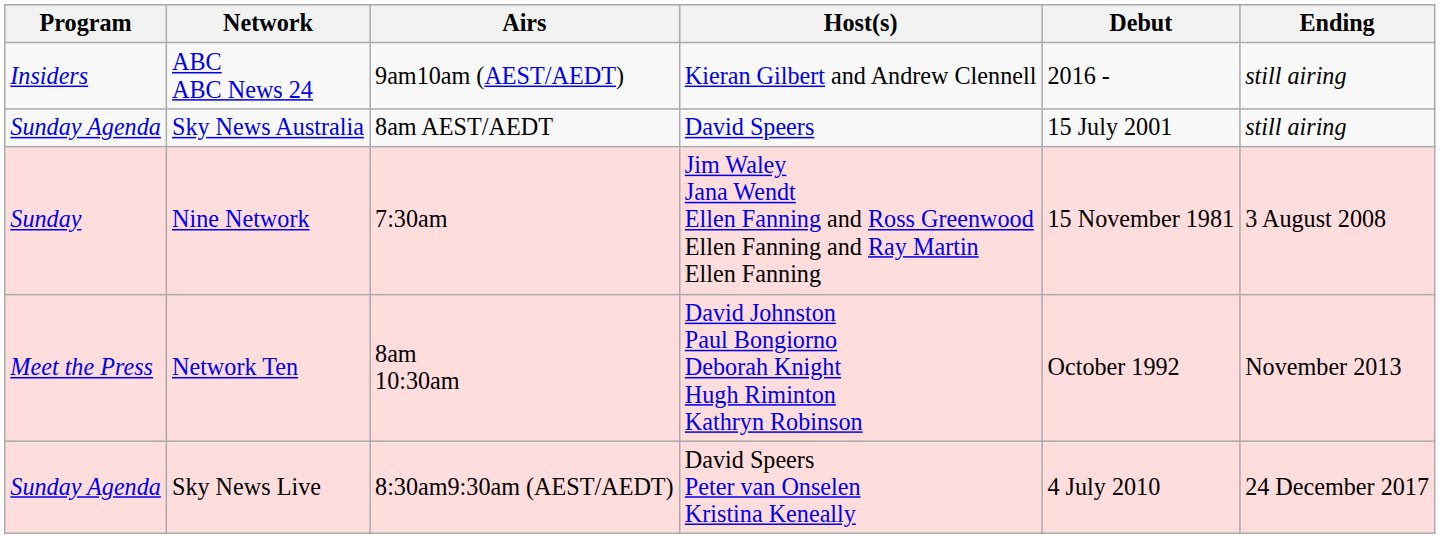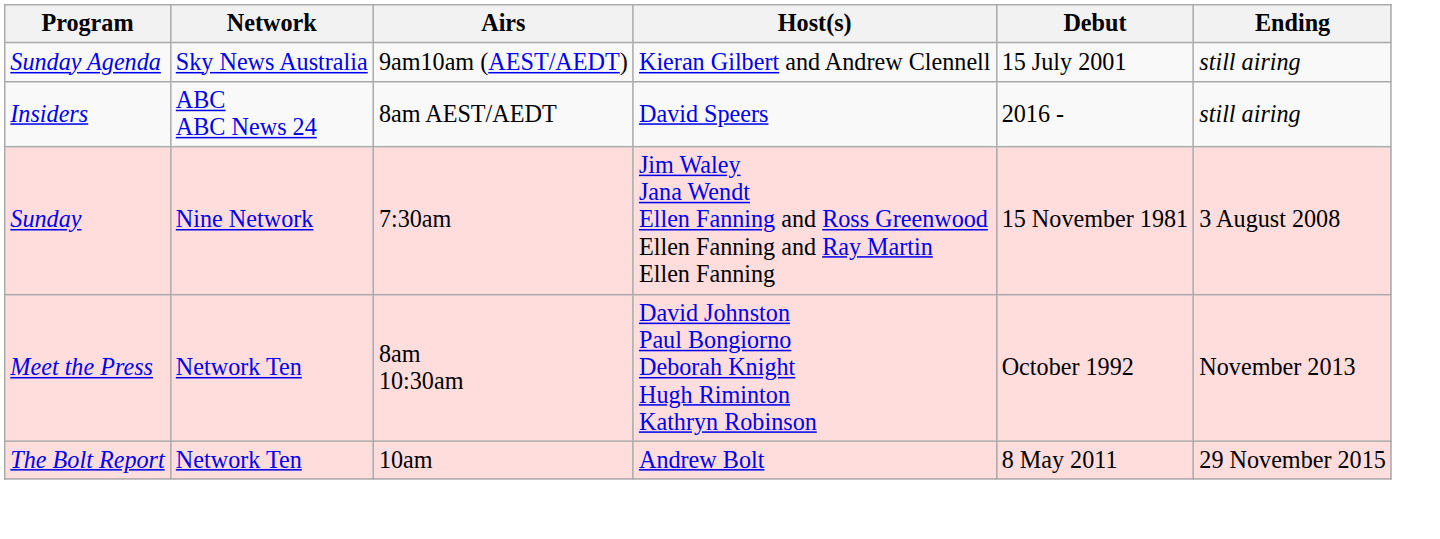 <table class="wikitable">
 <tr>
 <th>Program</th>
 <th>Network</th>
 <th>Airs</th>
 <th>Host(s)</th>
 <th>Debut</th>
 <th>Ending</th>
 </tr>
 <tr>
-<td><em><a href='#'>Insiders</a></em></td>
-<td><a href='#'>ABC</a><br><a href='#'>ABC News 24</a></td>
+<td><em><a href='#'>Sunday Agenda</a></em></td>
+<td><a href='#'>Sky News Australia</a></td>
 <td>9am10am (<a href='#'>AEST/AEDT</a>)</td>
 <td><a href='#'>Kieran Gilbert</a> and Andrew Clennell</td>
-<td>2016 -</td>
+<td>15 July 2001</td>
 <td><em>still airing</em></td>
 </tr>
 <tr>
-<td><em><a href='#'>Sunday Agenda</a></em></td>
-<td><a href='#'>Sky News Australia</a></td>
+<td><em><a href='#'>Insiders</a></em></td>
+<td><a href='#'>ABC</a><br><a href='#'>ABC News 24</a></td>
 <td>8am AEST/AEDT</td>
 <td><a href='#'>David Speers</a></td>
-<td>15 July 2001</td>
+<td>2016 -</td>
 <td><em>still airing</em></td>
 </tr>
 <tr>
 <td style="background: #ffdddd;"><em><a href='#'>Sunday</a></em></td>
 <td style="background: #ffdddd;"><a href='#'>Nine Network</a></td>
 <td style="background: #ffdddd;">7:30am</td>
 <td style="background: #ffdddd;"><a href='#'>Jim Waley</a> <br><a href='#'>Jana Wendt</a> <br><a href='#'>Ellen Fanning</a> and <a href='#'>Ross Greenwood</a> <br>Ellen Fanning and <a href='#'>Ray Martin</a> <br>Ellen Fanning </td>
 <td style="background: #ffdddd;">15 November 1981</td>
 <td style="background: #ffdddd;">3 August 2008</td>
 </tr>
 <tr>
 <td style="background: #ffdddd;"><em><a href='#'>Meet the Press</a></em></td>
 <td style="background: #ffdddd;"><a href='#'>Network Ten</a></td>
 <td style="background: #ffdddd;">8am <br>10:30am </td>
 <td style="background: #ffdddd;"><a href='#'>David Johnston</a> <br><a href='#'>Paul Bongiorno</a> <br><a href='#'>Deborah Knight</a> <br><a href='#'>Hugh Riminton</a> <br><a href='#'>Kathryn Robinson</a> </td>
 <td style="background: #ffdddd;">October 1992</td>
 <td style="background: #ffdddd;">November 2013</td>
 </tr>
 <tr>
-<td style="background: #ffdddd;"><em><a href='#'>Sunday Agenda</a></em></td>
-<td style="background: #ffdddd;">Sky News Live</td>
-<td style="background: #ffdddd;">8:30am9:30am (AEST/AEDT)</td>
-<td style="background: #ffdddd;">David Speers <br><a href='#'>Peter van Onselen</a> <br><a href='#'>Kristina Keneally</a> </td>
-<td style="background: #ffdddd;">4 July 2010</td>
-<td style="background: #ffdddd;">24 December 2017</td>
+<td style="background: #ffdddd;"><em><a href='#'>The Bolt Report</a></em></td>
+<td style="background: #ffdddd;"><a href='#'>Network Ten</a></td>
+<td style="background: #ffdddd;">10am</td>
+<td style="background: #ffdddd;"><a href='#'>Andrew Bolt</a></td>
+<td style="background: #ffdddd;">8 May 2011</td>
+<td style="background: #ffdddd;">29 November 2015</td>
 </tr>
 </table>
